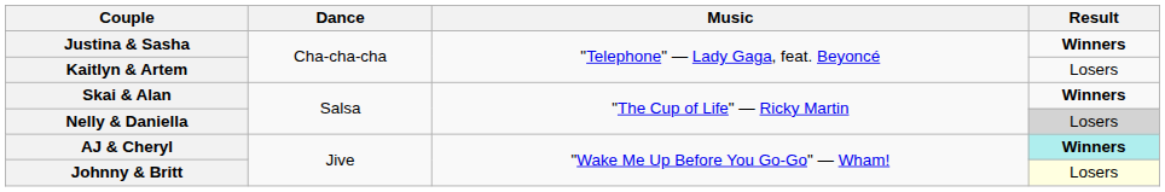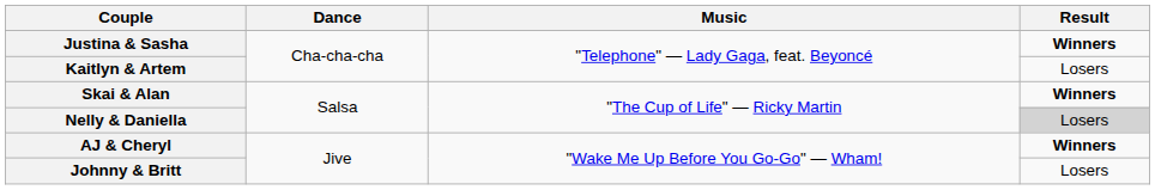 <table class="wikitable unsortable" style="text-align:center; width: 90%">
 <tr>
 <th scope="col">Couple</th>
 <th scope="col">Dance</th>
 <th scope="col">Music</th>
 <th scope="col">Result</th>
 </tr>
 <tr>
 <th scope="row">Justina & Sasha</th>
 <td rowspan=2>Cha-cha-cha</td>
 <td rowspan=2>"<a href='#'>Telephone</a>" — <a href='#'>Lady Gaga</a>, feat. <a href='#'>Beyoncé</a></td>
 <td><strong>Winners</strong></td>
 </tr>
 <tr>
 <th scope="row">Kaitlyn & Artem</th>
 <td>Losers</td>
 </tr>
 <tr>
 <th scope="row">Skai & Alan</th>
 <td rowspan=2>Salsa</td>
 <td rowspan=2>"<a href='#'>The Cup of Life</a>" — <a href='#'>Ricky Martin</a></td>
 <td><strong>Winners</strong></td>
 </tr>
 <tr>
 <th scope="row">Nelly & Daniella</th>
 <td style="background: lightgrey;">Losers</td>
 </tr>
 <tr>
 <th scope="row">AJ & Cheryl</th>
 <td rowspan=2>Jive</td>
 <td rowspan=2>"<a href='#'>Wake Me Up Before You Go-Go</a>" — <a href='#'>Wham!</a></td>
-<td style="background: paleturquoise;"><strong>Winners</strong></td>
+<td><strong>Winners</strong></td>
 </tr>
 <tr>
 <th scope="row">Johnny & Britt</th>
-<td style="background: lightyellow;">Losers</td>
+<td>Losers</td>
 </tr>
 </table>
